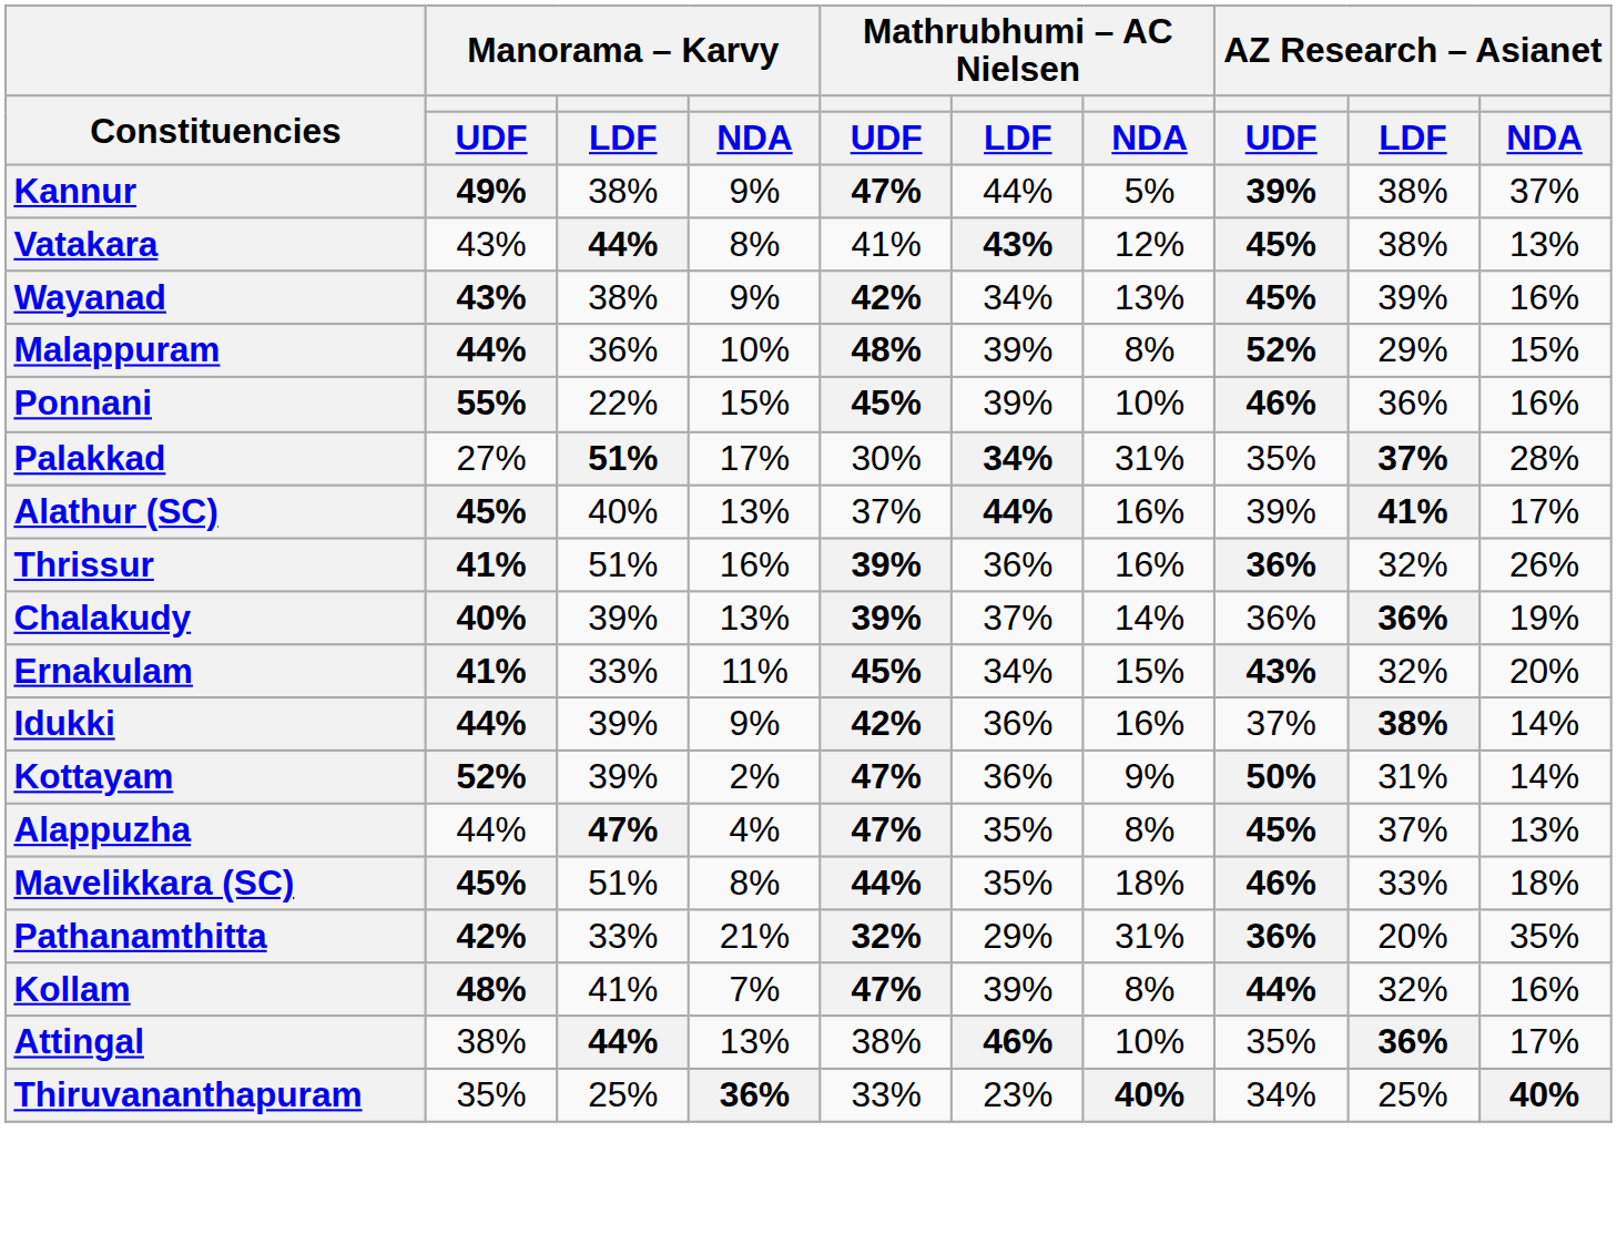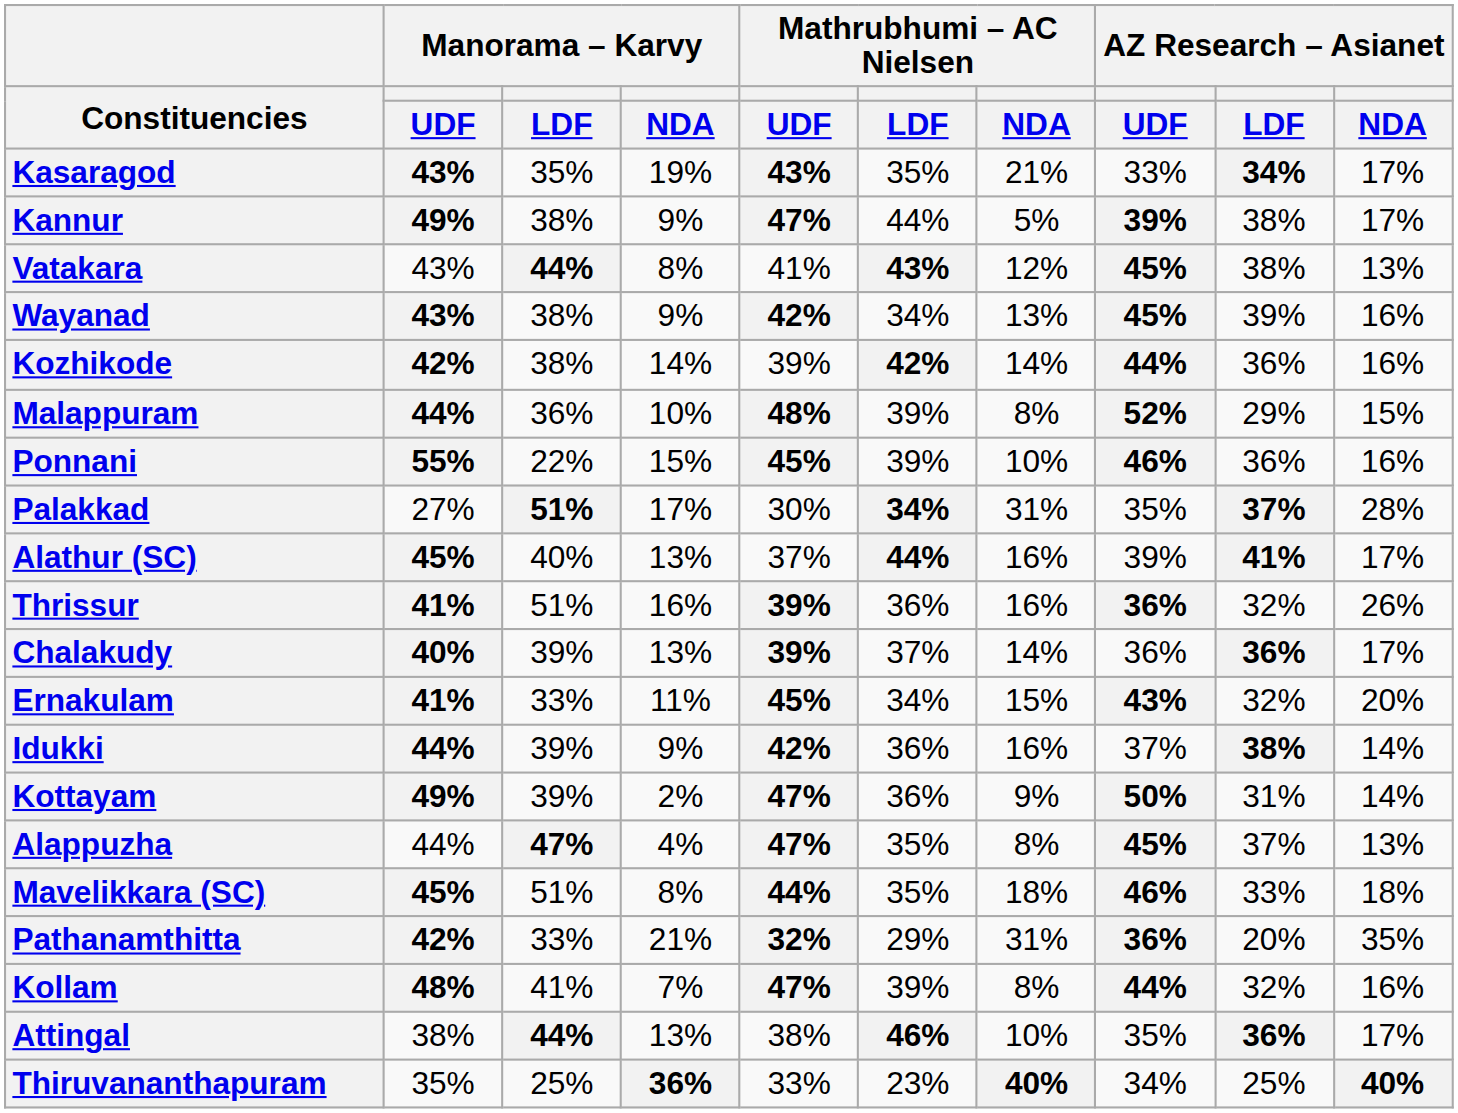 <table class="wikitable sortable" style="text-align:center;font-size:95%;line-height:16px">
 <tr>
 <th></th>
 <th colspan="3" width="150"><strong>Manorama – Karvy</strong></th>
 <th colspan="3" width="150"><strong>Mathrubhumi – AC Nielsen</strong></th>
 <th colspan="3"><strong>AZ Research – Asianet</strong></th>
 </tr>
 <tr>
 <th rowspan="2" width="175"><strong>Constituencies</strong></th>
 <th style="background:"></th>
 <th style="background:"></th>
 <th style="background:"></th>
 <th style="background:"></th>
 <th style="background:"></th>
 <th style="background:"></th>
 <th style="background:"></th>
 <th style="background:"></th>
 <th style="background:"></th>
 </tr>
 <tr>
 <th width="50" class="unsortable "><a href='#'>UDF</a></th>
 <th width="50" class="unsortable "><a href='#'>LDF</a></th>
 <th width="50" class="unsortable "><a href='#'>NDA</a></th>
 <th width="50" class="unsortable "><a href='#'>UDF</a></th>
 <th width="50" class="unsortable "><a href='#'>LDF</a></th>
 <th width="50" class="unsortable "><a href='#'>NDA</a></th>
 <th width="50" class="unsortable "><a href='#'>UDF</a></th>
 <th width="50" class="unsortable "><a href='#'>LDF</a></th>
 <th width="50" class="unsortable "><a href='#'>NDA</a></th>
 </tr>
 <tr>
+<th style="text-align:left"><a href='#'>Kasaragod</a></th>
+<th style="background:">43%</th>
+<td>35%</td>
+<td>19%</td>
+<th style="background:">43%</th>
+<td>35%</td>
+<td>21%</td>
+<td>33%</td>
+<th style="background:"><strong>34%</strong></th>
+<td>17%</td>
+</tr>
+<tr>
 <th style="text-align:left"><a href='#'>Kannur</a></th>
 <th style="background:">49%</th>
 <td>38%</td>
 <td>9%</td>
 <th style="background:">47%</th>
 <td>44%</td>
 <td>5%</td>
 <th style="background:"><strong>39%</strong></th>
 <td>38%</td>
-<td>37%</td>
+<td>17%</td>
 </tr>
 <tr>
 <th style="text-align:left"><a href='#'>Vatakara</a></th>
 <td>43%</td>
 <th style="background:">44%</th>
 <td>8%</td>
 <td>41%</td>
 <th style="background:">43%</th>
 <td>12%</td>
 <th style="background:"><strong>45%</strong></th>
 <td>38%</td>
 <td>13%</td>
 </tr>
 <tr>
 <th style="text-align:left"><a href='#'>Wayanad</a></th>
 <th style="background:">43%</th>
 <td>38%</td>
 <td>9%</td>
 <th style="background:">42%</th>
 <td>34%</td>
 <td>13%</td>
 <th style="background:"><strong>45%</strong></th>
 <td>39%</td>
+<td>16%</td>
+</tr>
+<tr>
+<th style="text-align:left"><a href='#'>Kozhikode</a></th>
+<th style="background:">42%</th>
+<td>38%</td>
+<td>14%</td>
+<td>39%</td>
+<th style="background:">42%</th>
+<td>14%</td>
+<th style="background:"><strong>44%</strong></th>
+<td>36%</td>
 <td>16%</td>
 </tr>
 <tr>
 <th style="text-align:left"><a href='#'>Malappuram</a></th>
 <th style="background:">44%</th>
 <td>36%</td>
 <td>10%</td>
 <th style="background:">48%</th>
 <td>39%</td>
 <td>8%</td>
 <th style="background:"><strong>52%</strong></th>
 <td>29%</td>
 <td>15%</td>
 </tr>
 <tr>
 <th style="text-align:left"><a href='#'>Ponnani</a></th>
 <th style="background:">55%</th>
 <td>22%</td>
 <td>15%</td>
 <th style="background:">45%</th>
 <td>39%</td>
 <td>10%</td>
 <th style="background:"><strong>46%</strong></th>
 <td>36%</td>
 <td>16%</td>
 </tr>
 <tr>
 <th style="text-align:left"><a href='#'>Palakkad</a></th>
 <td>27%</td>
 <th style="background:">51%</th>
 <td>17%</td>
 <td>30%</td>
 <th style="background:">34%</th>
 <td>31%</td>
 <td>35%</td>
 <th style="background:"><strong>37%</strong></th>
 <td>28%</td>
 </tr>
 <tr>
 <th style="text-align:left"><a href='#'>Alathur (SC)</a></th>
 <th style="background:">45%</th>
 <td>40%</td>
 <td>13%</td>
 <td>37%</td>
 <th style="background:">44%</th>
 <td>16%</td>
 <td>39%</td>
 <th style="background:"><strong>41%</strong></th>
 <td>17%</td>
 </tr>
 <tr>
 <th style="text-align:left"><a href='#'>Thrissur</a></th>
 <th style="background:">41%</th>
 <td>51%</td>
 <td>16%</td>
 <th style="background:">39%</th>
 <td>36%</td>
 <td>16%</td>
 <th style="background:"><strong>36%</strong></th>
 <td>32%</td>
 <td>26%</td>
 </tr>
 <tr>
 <th style="text-align:left"><a href='#'>Chalakudy</a></th>
 <th style="background:">40%</th>
 <td>39%</td>
 <td>13%</td>
 <th style="background:">39%</th>
 <td>37%</td>
 <td>14%</td>
 <td>36%</td>
 <th style="background:"><strong>36%</strong></th>
-<td>19%</td>
+<td>17%</td>
 </tr>
 <tr>
 <th style="text-align:left"><a href='#'>Ernakulam</a></th>
 <th style="background:">41%</th>
 <td>33%</td>
 <td>11%</td>
 <th style="background:">45%</th>
 <td>34%</td>
 <td>15%</td>
 <th style="background:"><strong>43%</strong></th>
 <td>32%</td>
 <td>20%</td>
 </tr>
 <tr>
 <th style="text-align:left"><a href='#'>Idukki</a></th>
 <th style="background:">44%</th>
 <td>39%</td>
 <td>9%</td>
 <th style="background:">42%</th>
 <td>36%</td>
 <td>16%</td>
 <td>37%</td>
 <th style="background:"><strong>38%</strong></th>
 <td>14%</td>
 </tr>
 <tr>
 <th style="text-align:left"><a href='#'>Kottayam</a></th>
-<th style="background:">52%</th>
+<th style="background:">49%</th>
 <td>39%</td>
 <td>2%</td>
 <th style="background:">47%</th>
 <td>36%</td>
 <td>9%</td>
 <th style="background:"><strong>50%</strong></th>
 <td>31%</td>
 <td>14%</td>
 </tr>
 <tr>
 <th style="text-align:left"><a href='#'>Alappuzha</a></th>
 <td>44%</td>
 <th style="background:">47%</th>
 <td>4%</td>
 <th style="background:">47%</th>
 <td>35%</td>
 <td>8%</td>
 <th style="background:"><strong>45%</strong></th>
 <td>37%</td>
 <td>13%</td>
 </tr>
 <tr>
 <th style="text-align:left"><a href='#'>Mavelikkara (SC)</a></th>
 <th style="background:">45%</th>
 <td>51%</td>
 <td>8%</td>
 <th style="background:">44%</th>
 <td>35%</td>
 <td>18%</td>
 <th style="background:"><strong>46%</strong></th>
 <td>33%</td>
 <td>18%</td>
 </tr>
 <tr>
 <th style="text-align:left"><a href='#'>Pathanamthitta</a></th>
 <th style="background:">42%</th>
 <td>33%</td>
 <td>21%</td>
 <th style="background:">32%</th>
 <td>29%</td>
 <td>31%</td>
 <th style="background:"><strong>36%</strong></th>
 <td>20%</td>
 <td>35%</td>
 </tr>
 <tr>
 <th style="text-align:left"><a href='#'>Kollam</a></th>
 <th style="background:">48%</th>
 <td>41%</td>
 <td>7%</td>
 <th style="background:">47%</th>
 <td>39%</td>
 <td>8%</td>
 <th style="background:"><strong>44%</strong></th>
 <td>32%</td>
 <td>16%</td>
 </tr>
 <tr>
 <th style="text-align:left"><a href='#'>Attingal</a></th>
 <td>38%</td>
 <th style="background:">44%</th>
 <td>13%</td>
 <td>38%</td>
 <th style="background:">46%</th>
 <td>10%</td>
 <td>35%</td>
 <th style="background:"><strong>36%</strong></th>
 <td>17%</td>
 </tr>
 <tr>
 <th style="text-align:left"><a href='#'>Thiruvananthapuram</a></th>
 <td>35%</td>
 <td>25%</td>
 <th style="background:">36%</th>
 <td>33%</td>
 <td>23%</td>
 <th style="background:">40%</th>
 <td>34%</td>
 <td>25%</td>
 <th style="background:"><strong>40%</strong></th>
 </tr>
 </table>
